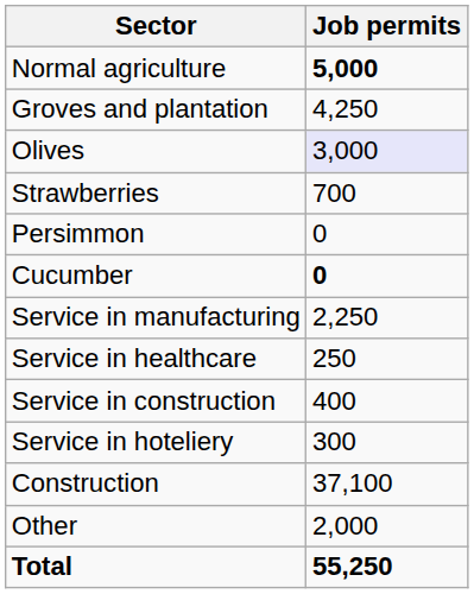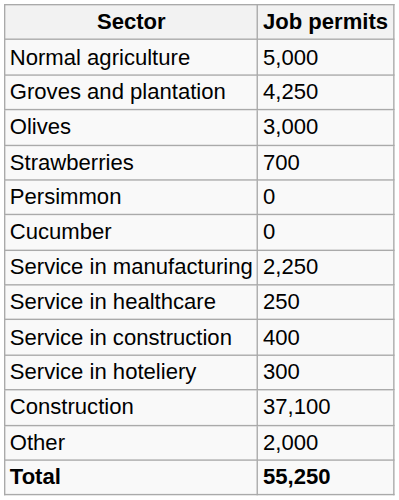 <table class="wikitable">
 <tr>
 <th>Sector</th>
 <th>Job permits</th>
 </tr>
 <tr>
 <td>Normal agriculture</td>
-<td><strong>5,000</strong></td>
+<td>5,000</td>
 </tr>
 <tr>
 <td>Groves and plantation</td>
 <td>4,250</td>
 </tr>
 <tr>
 <td>Olives</td>
-<td style="background: lavender;">3,000</td>
+<td>3,000</td>
 </tr>
 <tr>
 <td>Strawberries</td>
 <td>700</td>
 </tr>
 <tr>
 <td>Persimmon</td>
 <td>0</td>
 </tr>
 <tr>
 <td>Cucumber</td>
-<td><strong>0</strong></td>
+<td>0</td>
 </tr>
 <tr>
 <td>Service in manufacturing</td>
 <td>2,250</td>
 </tr>
 <tr>
 <td>Service in healthcare</td>
 <td>250</td>
 </tr>
 <tr>
 <td>Service in construction</td>
 <td>400</td>
 </tr>
 <tr>
 <td>Service in hoteliery</td>
 <td>300</td>
 </tr>
 <tr>
 <td>Construction</td>
 <td>37,100</td>
 </tr>
 <tr>
 <td>Other</td>
 <td>2,000</td>
 </tr>
 <tr>
 <td><strong>Total</strong></td>
 <td><strong>55,250</strong></td>
 </tr>
 </table>
